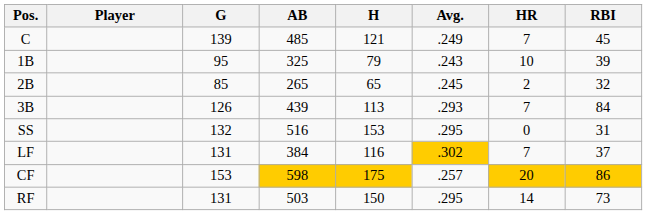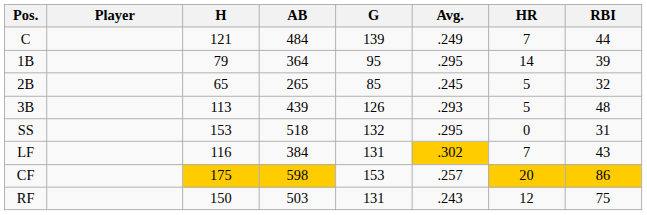 <table class="wikitable sortable">
 <tr>
 <th bgcolor="#DDDDFF" width="5%">Pos.</th>
 <th bgcolor="#DDDDFF" width="16%">Player</th>
+<th bgcolor="#DDDDFF" width="9%">H</th>
+<th bgcolor="#DDDDFF" width="9%">AB</th>
 <th bgcolor="#DDDDFF" width="9%">G</th>
-<th bgcolor="#DDDDFF" width="9%">AB</th>
-<th bgcolor="#DDDDFF" width="9%">H</th>
 <th bgcolor="#DDDDFF" width="9%">Avg.</th>
 <th bgcolor="#DDDDFF" width="9%">HR</th>
 <th bgcolor="#DDDDFF" width="9%">RBI</th>
 </tr>
 <tr align="center">
 <td>C</td>
 <td></td>
+<td>121</td>
+<td>484</td>
 <td>139</td>
-<td>485</td>
-<td>121</td>
 <td>.249</td>
 <td>7</td>
-<td>45</td>
+<td>44</td>
 </tr>
 <tr align="center">
 <td>1B</td>
 <td></td>
+<td>79</td>
+<td>364</td>
 <td>95</td>
-<td>325</td>
-<td>79</td>
-<td>.243</td>
-<td>10</td>
+<td>.295</td>
+<td>14</td>
 <td>39</td>
 </tr>
 <tr align="center">
 <td>2B</td>
 <td></td>
+<td>65</td>
+<td>265</td>
 <td>85</td>
-<td>265</td>
-<td>65</td>
 <td>.245</td>
-<td>2</td>
+<td>5</td>
 <td>32</td>
 </tr>
 <tr align="center">
 <td>3B</td>
 <td></td>
+<td>113</td>
+<td>439</td>
 <td>126</td>
-<td>439</td>
-<td>113</td>
 <td>.293</td>
-<td>7</td>
-<td>84</td>
+<td>5</td>
+<td>48</td>
 </tr>
 <tr align="center">
 <td>SS</td>
 <td></td>
+<td>153</td>
+<td>518</td>
 <td>132</td>
-<td>516</td>
-<td>153</td>
 <td>.295</td>
 <td>0</td>
 <td>31</td>
 </tr>
 <tr align="center">
 <td>LF</td>
 <td></td>
+<td>116</td>
+<td>384</td>
 <td>131</td>
-<td>384</td>
-<td>116</td>
 <td style="background:#fc0;">.302</td>
 <td>7</td>
-<td>37</td>
+<td>43</td>
 </tr>
 <tr align="center">
 <td>CF</td>
 <td></td>
+<td style="background:#fc0;">175</td>
+<td style="background:#fc0;">598</td>
 <td>153</td>
-<td style="background:#fc0;">598</td>
-<td style="background:#fc0;">175</td>
 <td>.257</td>
 <td style="background:#fc0;">20</td>
 <td style="background:#fc0;">86</td>
 </tr>
 <tr align="center">
 <td>RF</td>
 <td></td>
+<td>150</td>
+<td>503</td>
 <td>131</td>
-<td>503</td>
-<td>150</td>
-<td>.295</td>
-<td>14</td>
-<td>73</td>
+<td>.243</td>
+<td>12</td>
+<td>75</td>
 </tr>
 </table>
